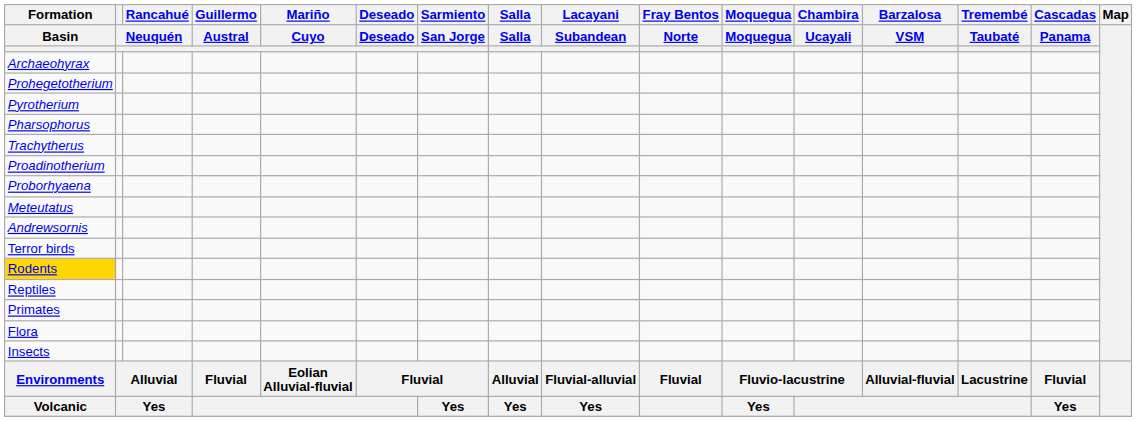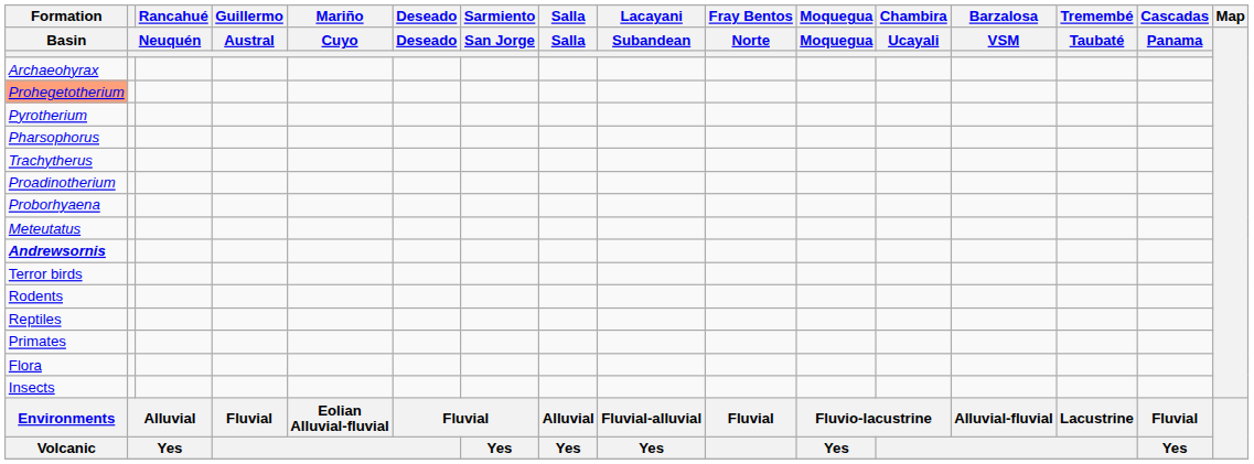 <table class="wikitable" style="font-size: 70%">
 <tr>
 <th>Formation</th>
 <th></th>
 <th><a href='#'>Rancahué</a></th>
 <th><a href='#'>Guillermo</a></th>
 <th><a href='#'>Mariño</a></th>
 <th><a href='#'>Deseado</a></th>
 <th><a href='#'>Sarmiento</a></th>
 <th><a href='#'>Salla</a></th>
 <th><a href='#'>Lacayani</a></th>
 <th><a href='#'>Fray Bentos</a></th>
 <th><a href='#'>Moquegua</a></th>
 <th><a href='#'>Chambira</a></th>
 <th><a href='#'>Barzalosa</a></th>
 <th><a href='#'>Tremembé</a></th>
 <th><a href='#'>Cascadas</a></th>
 <th>Map</th>
 </tr>
 <tr>
 <th>Basin</th>
 <th colspan=2><a href='#'>Neuquén</a></th>
 <th><a href='#'>Austral</a></th>
 <th><a href='#'>Cuyo</a></th>
 <th><a href='#'>Deseado</a></th>
 <th><a href='#'>San Jorge</a></th>
 <th><a href='#'>Salla</a></th>
 <th><a href='#'>Subandean</a></th>
 <th><a href='#'>Norte</a></th>
 <th><a href='#'>Moquegua</a></th>
 <th><a href='#'>Ucayali</a></th>
 <th><a href='#'>VSM</a></th>
 <th><a href='#'>Taubaté</a></th>
 <th><a href='#'>Panama</a></th>
 <th align=center rowspan=17></th>
 </tr>
 <tr>
 <th></th>
 <th colspan=6></th>
 <th colspan=2></th>
 <th></th>
 <th colspan=2></th>
 <th></th>
 <th></th>
 <th></th>
 </tr>
 <tr>
 <td><em><a href='#'>Archaeohyrax</a></em></td>
 <td align=center></td>
 <td align=center></td>
 <td align=center></td>
 <td align=center></td>
 <td align=center></td>
 <td align=center></td>
 <td align=center></td>
 <td align=center></td>
 <td align=center></td>
 <td align=center></td>
 <td align=center></td>
 <td align=center></td>
 <td></td>
 </tr>
 <tr>
-<td><em><a href='#'>Prohegetotherium</a></em></td>
+<td style="background: lightsalmon;"><em><a href='#'>Prohegetotherium</a></em></td>
 <td align=center></td>
 <td align=center></td>
 <td align=center></td>
 <td align=center></td>
 <td align=center></td>
 <td align=center></td>
 <td align=center></td>
 <td align=center></td>
 <td align=center></td>
 <td align=center></td>
 <td align=center></td>
 <td align=center></td>
 <td align=center></td>
 <td></td>
 </tr>
 <tr>
 <td><em><a href='#'>Pyrotherium</a></em></td>
 <td align=center></td>
 <td align=center></td>
 <td align=center></td>
 <td align=center></td>
 <td align=center></td>
 <td align=center></td>
 <td align=center></td>
 <td align=center></td>
 <td align=center></td>
 <td align=center></td>
 <td align=center></td>
 <td align=center></td>
 <td align=center></td>
 <td></td>
 </tr>
 <tr>
 <td><em><a href='#'>Pharsophorus</a></em></td>
 <td align=center></td>
 <td align=center></td>
 <td align=center></td>
 <td align=center></td>
 <td align=center></td>
 <td align=center></td>
 <td align=center></td>
 <td align=center></td>
 <td align=center></td>
 <td align=center></td>
 <td align=center></td>
 <td align=center></td>
 <td align=center></td>
 <td></td>
 </tr>
 <tr>
 <td><em><a href='#'>Trachytherus</a></em></td>
 <td align=center></td>
 <td align=center></td>
 <td align=center></td>
 <td align=center></td>
 <td align=center></td>
 <td align=center></td>
 <td align=center></td>
 <td align=center></td>
 <td align=center></td>
 <td align=center></td>
 <td align=center></td>
 <td align=center></td>
 <td></td>
 </tr>
 <tr>
 <td><em><a href='#'>Proadinotherium</a></em></td>
 <td align=center></td>
 <td align=center></td>
 <td align=center></td>
 <td align=center></td>
 <td align=center></td>
 <td align=center></td>
 <td align=center></td>
 <td align=center></td>
 <td align=center></td>
 <td align=center></td>
 <td align=center></td>
 <td align=center></td>
 <td align=center></td>
 <td></td>
 </tr>
 <tr>
 <td><em><a href='#'>Proborhyaena</a></em></td>
 <td align=center></td>
 <td align=center></td>
 <td align=center></td>
 <td align=center></td>
 <td align=center></td>
 <td align=center></td>
 <td align=center></td>
 <td align=center></td>
 <td align=center></td>
 <td align=center></td>
 <td align=center></td>
 <td align=center></td>
 <td align=center></td>
 <td></td>
 </tr>
 <tr>
 <td><em><a href='#'>Meteutatus</a></em></td>
 <td align=center></td>
 <td align=center></td>
 <td align=center></td>
 <td align=center></td>
 <td align=center></td>
 <td align=center></td>
 <td align=center></td>
 <td align=center></td>
 <td align=center></td>
 <td align=center></td>
 <td align=center></td>
 <td align=center></td>
 <td align=center></td>
 <td></td>
 </tr>
 <tr>
-<td><em><a href='#'>Andrewsornis</a></em></td>
+<td><strong><em><a href='#'>Andrewsornis</a></em></strong></td>
 <td align=center></td>
 <td align=center></td>
 <td align=center></td>
 <td align=center></td>
 <td align=center></td>
 <td align=center></td>
 <td align=center></td>
 <td align=center></td>
 <td align=center></td>
 <td align=center></td>
 <td align=center></td>
 <td align=center></td>
 <td align=center></td>
 <td></td>
 </tr>
 <tr>
 <td><a href='#'>Terror birds</a></td>
 <td align=center></td>
 <td align=center></td>
 <td align=center></td>
 <td align=center></td>
 <td align=center></td>
 <td align=center></td>
 <td align=center></td>
 <td align=center></td>
 <td align=center></td>
 <td align=center></td>
 <td align=center></td>
 <td align=center></td>
 <td align=center></td>
 <td align=center></td>
 </tr>
 <tr>
-<td style="background: gold;"><a href='#'>Rodents</a></td>
+<td><a href='#'>Rodents</a></td>
 <td align=center></td>
 <td align=center></td>
 <td align=center></td>
 <td align=center></td>
 <td align=center></td>
 <td align=center></td>
 <td align=center></td>
 <td align=center></td>
 <td align=center></td>
 <td align=center></td>
 <td align=center></td>
 <td align=center></td>
 <td align=center></td>
 <td align=center></td>
 </tr>
 <tr>
 <td><a href='#'>Reptiles</a></td>
 <td align=center></td>
 <td align=center></td>
 <td align=center></td>
 <td align=center></td>
 <td align=center></td>
 <td align=center></td>
 <td align=center></td>
 <td align=center></td>
 <td align=center></td>
 <td align=center></td>
 <td align=center></td>
 <td align=center></td>
 <td align=center></td>
 <td align=center></td>
 </tr>
 <tr>
 <td><a href='#'>Primates</a></td>
 <td align=center></td>
 <td align=center></td>
 <td align=center></td>
 <td align=center></td>
 <td align=center></td>
 <td align=center></td>
 <td align=center></td>
 <td align=center></td>
 <td align=center></td>
 <td align=center></td>
 <td align=center></td>
 <td align=center></td>
 <td align=center></td>
 <td align=center></td>
 </tr>
 <tr>
 <td><a href='#'>Flora</a></td>
 <td align=center></td>
 <td align=center></td>
 <td align=center></td>
 <td align=center></td>
 <td align=center></td>
 <td align=center></td>
 <td align=center></td>
 <td align=center></td>
 <td align=center></td>
 <td align=center></td>
 <td align=center></td>
 <td align=center></td>
 <td align=center></td>
 <td align=center></td>
 </tr>
 <tr>
 <td><a href='#'>Insects</a></td>
 <td align=center></td>
 <td align=center></td>
 <td align=center></td>
 <td align=center></td>
 <td align=center></td>
 <td align=center></td>
 <td align=center></td>
 <td align=center></td>
 <td align=center></td>
 <td align=center></td>
 <td align=center></td>
 <td align=center></td>
 <td align=center></td>
 <td align=center></td>
 </tr>
 <tr>
 <th><a href='#'>Environments</a></th>
 <th colspan=2>Alluvial</th>
 <th>Fluvial</th>
 <th>Eolian<br>Alluvial-fluvial</th>
 <th colspan=2>Fluvial</th>
 <th>Alluvial</th>
 <th>Fluvial-alluvial</th>
 <th>Fluvial</th>
 <th colspan=2>Fluvio-lacustrine</th>
 <th>Alluvial-fluvial</th>
 <th>Lacustrine</th>
 <th>Fluvial</th>
 <th rowspan=2 align=left><br><br></th>
 </tr>
 <tr>
 <th>Volcanic</th>
 <th colspan=2>Yes</th>
 <th colspan=3></th>
 <th>Yes</th>
 <th>Yes</th>
 <th>Yes</th>
 <th></th>
 <th>Yes</th>
 <th colspan=3></th>
 <th>Yes</th>
 </tr>
 <tr>
 </tr>
 </table>
